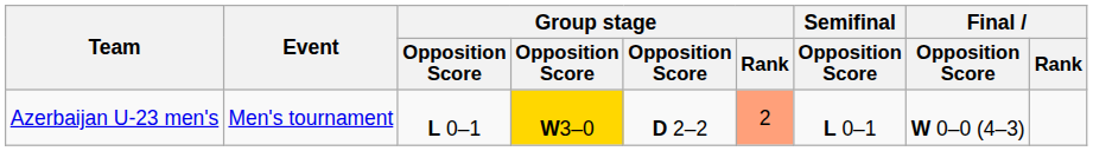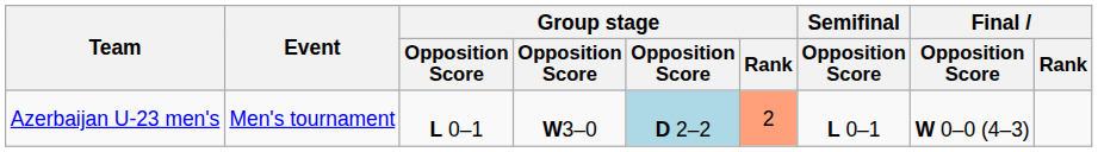 <table class="wikitable" style="text-align:center; font-size:90%">
 <tr>
 <th rowspan=2>Team</th>
 <th rowspan=2>Event</th>
 <th colspan=4>Group stage</th>
 <th>Semifinal</th>
 <th colspan=2>Final / </th>
 </tr>
 <tr style="font-size:95%">
 <th>Opposition<br>Score</th>
 <th>Opposition<br>Score</th>
 <th>Opposition<br>Score</th>
 <th>Rank</th>
 <th>Opposition<br>Score</th>
 <th>Opposition<br>Score</th>
 <th>Rank</th>
 </tr>
 <tr>
 <td align=left><a href='#'>Azerbaijan U-23 men's</a></td>
 <td align=left><a href='#'>Men's tournament</a></td>
 <td><br><strong>L</strong> 0–1</td>
-<td style="background: gold;"><br><strong>W</strong>3–0<br></td>
-<td><br><strong>D</strong> 2–2</td>
+<td><br><strong>W</strong>3–0<br></td>
+<td style="background: lightblue;"><br><strong>D</strong> 2–2</td>
 <td style="background: lightsalmon;">2</td>
 <td><br><strong>L</strong> 0–1</td>
 <td><br><strong>W</strong> 0–0 (4–3)</td>
 <td></td>
 </tr>
 </table>
